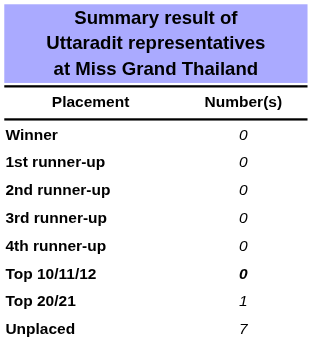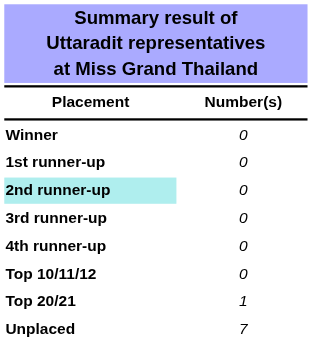 <table style="width: 270px; font-size:85%; line-height:1.5em;">
 <tr>
 <th colspan="2" align="center" style="background:#AAF;"><big>Summary result of<br>Uttaradit representatives<br>at Miss Grand Thailand</big></th>
 </tr>
 <tr>
 <td colspan="2" style="background:black"></td>
 </tr>
 <tr>
 <th scope="col">Placement</th>
 <th scope="col">Number(s)</th>
 </tr>
 <tr>
 <td colspan="2" style="background:black"></td>
 </tr>
 <tr>
 <td align="left"><strong>Winner</strong></td>
 <td align="center"><em>0</em></td>
 </tr>
 <tr>
 <td align="left"><strong>1st runner-up</strong></td>
 <td align="center"><em>0</em></td>
 </tr>
 <tr>
-<td align="left"><strong>2nd runner-up</strong></td>
+<td align="left" style="background: paleturquoise;"><strong>2nd runner-up</strong></td>
 <td align="center"><em>0</em></td>
 </tr>
 <tr>
 <td align="left"><strong>3rd runner-up</strong></td>
 <td align="center"><em>0</em></td>
 </tr>
 <tr>
 <td align="left"><strong>4th runner-up</strong></td>
 <td align="center"><em>0</em></td>
 </tr>
 <tr>
 <td align="left"><strong>Top 10/11/12</strong></td>
-<td align="center"><strong><em>0</em></strong></td>
+<td align="center"><em>0</em></td>
 </tr>
 <tr>
 <td align="left"><strong>Top 20/21</strong></td>
 <td align="center"><em>1</em></td>
 </tr>
 <tr>
 <td align="left"><strong>Unplaced</strong></td>
 <td align="center"><em>7</em></td>
 </tr>
 </table>
